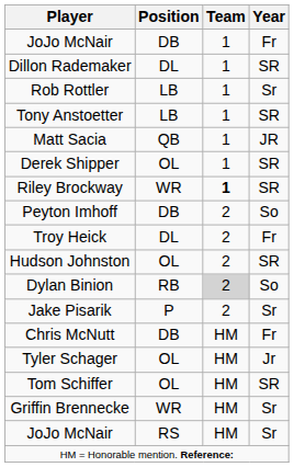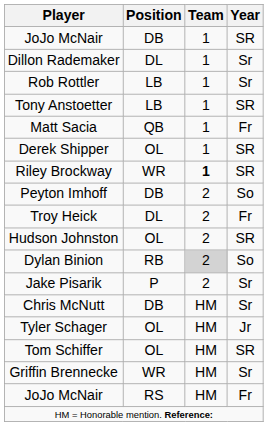 <table class="wikitable sortable sortable" style="text-align: center">
 <tr align=center>
 <th>Player</th>
 <th>Position</th>
 <th>Team</th>
 <th>Year</th>
 </tr>
 <tr>
 <td>JoJo McNair</td>
 <td>DB</td>
 <td>1</td>
-<td>Fr</td>
+<td>SR</td>
 </tr>
 <tr>
 <td>Dillon Rademaker</td>
 <td>DL</td>
 <td>1</td>
-<td>SR</td>
+<td>Sr</td>
 </tr>
 <tr>
 <td>Rob Rottler</td>
 <td>LB</td>
 <td>1</td>
 <td>Sr</td>
 </tr>
 <tr>
 <td>Tony Anstoetter</td>
 <td>LB</td>
 <td>1</td>
 <td>SR</td>
 </tr>
 <tr>
 <td>Matt Sacia</td>
 <td>QB</td>
 <td>1</td>
-<td>JR</td>
+<td>Fr</td>
 </tr>
 <tr>
 <td>Derek Shipper</td>
 <td>OL</td>
 <td>1</td>
 <td>SR</td>
 </tr>
 <tr>
 <td>Riley Brockway</td>
 <td>WR</td>
 <td><strong>1</strong></td>
 <td>SR</td>
 </tr>
 <tr>
 <td>Peyton Imhoff</td>
 <td>DB</td>
 <td>2</td>
 <td>So</td>
 </tr>
 <tr>
 <td>Troy Heick</td>
 <td>DL</td>
 <td>2</td>
 <td>Fr</td>
 </tr>
 <tr>
 <td>Hudson Johnston</td>
 <td>OL</td>
 <td>2</td>
 <td>SR</td>
 </tr>
 <tr>
 <td>Dylan Binion</td>
 <td>RB</td>
 <td style="background: lightgrey;">2</td>
 <td>So</td>
 </tr>
 <tr>
 <td>Jake Pisarik</td>
 <td>P</td>
 <td>2</td>
 <td>Sr</td>
 </tr>
 <tr>
 <td>Chris McNutt</td>
 <td>DB</td>
 <td>HM</td>
-<td>Fr</td>
+<td>Sr</td>
 </tr>
 <tr>
 <td>Tyler Schager</td>
 <td>OL</td>
 <td>HM</td>
 <td>Jr</td>
 </tr>
 <tr>
 <td>Tom Schiffer</td>
 <td>OL</td>
 <td>HM</td>
 <td>SR</td>
 </tr>
 <tr>
 <td>Griffin Brennecke</td>
 <td>WR</td>
 <td>HM</td>
 <td>Sr</td>
 </tr>
 <tr>
 <td>JoJo McNair</td>
 <td>RS</td>
 <td>HM</td>
-<td>Sr</td>
+<td>Fr</td>
 </tr>
 <tr class="sortbottom">
 <td colspan="4"  style="font-size:8pt; text-align:center;">HM = Honorable mention. <strong>Reference:</strong></td>
 </tr>
 </table>
